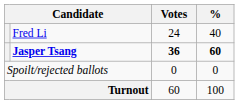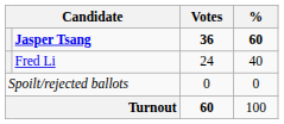 <table class=wikitable style="font-size: 90%;">
 <tr>
 <th colspan="2">Candidate</th>
 <th style="width: 50px">Votes</th>
 <th style="width: 40px">%</th>
 </tr>
 <tr>
 <th style="background-color: "></th>
+<td style="width: 170px"><strong><a href='#'>Jasper Tsang</a></strong> </td>
+<td align="center"><strong>36</strong></td>
+<td align="center"><strong>60</strong></td>
+</tr>
+<tr>
+<th style="background-color: "></th>
 <td style="width: 170px"><a href='#'>Fred Li</a></td>
 <td align="center">24</td>
 <td align="center">40</td>
-</tr>
-<tr>
-<th style="background-color: "></th>
-<td style="width: 170px"><strong><a href='#'>Jasper Tsang</a></strong> </td>
-<td align="center"><strong>36</strong></td>
-<td align="center"><strong>60</strong></td>
 </tr>
 <tr>
 <td colspan="2"><em>Spoilt/rejected ballots</em></td>
 <td align="center">0</td>
 <td align="center">0</td>
 </tr>
 <tr>
 <th colspan="2" style="text-align:right">Turnout</th>
-<td align="center">60</td>
+<td align="center"><strong>60</strong></td>
 <td align="center">100</td>
 </tr>
 </table>
